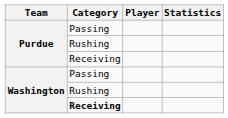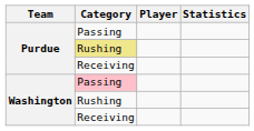 <table class="wikitable" style="float:right">
 <tr>
 <th>Team</th>
 <th>Category</th>
 <th>Player</th>
 <th>Statistics</th>
 </tr>
 <tr>
 <th rowspan=3>Purdue</th>
 <td>Passing</td>
 <td></td>
 <td></td>
 </tr>
 <tr>
-<td>Rushing</td>
+<td style="background: khaki;">Rushing</td>
 <td></td>
 <td></td>
 </tr>
 <tr>
 <td>Receiving</td>
 <td></td>
 <td></td>
 </tr>
 <tr>
 <th rowspan=3>Washington</th>
-<td>Passing</td>
+<td style="background: pink;">Passing</td>
 <td></td>
 <td></td>
 </tr>
 <tr>
 <td>Rushing</td>
 <td></td>
 <td></td>
 </tr>
 <tr>
-<td><strong>Receiving</strong></td>
+<td>Receiving</td>
 <td></td>
 <td></td>
 </tr>
 </table>
